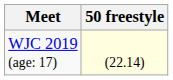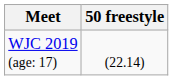 <table class="sortable wikitable">
 <tr>
 <th>Meet</th>
 <th class="unsortable">50 freestyle</th>
 </tr>
 <tr>
 <td><a href='#'>WJC 2019</a><br><small>(age: 17)</small></td>
-<td align="center" style="background: lightyellow;"><br><small>(22.14)</small></td>
+<td align="center"><br><small>(22.14)</small></td>
 </tr>
 </table>
